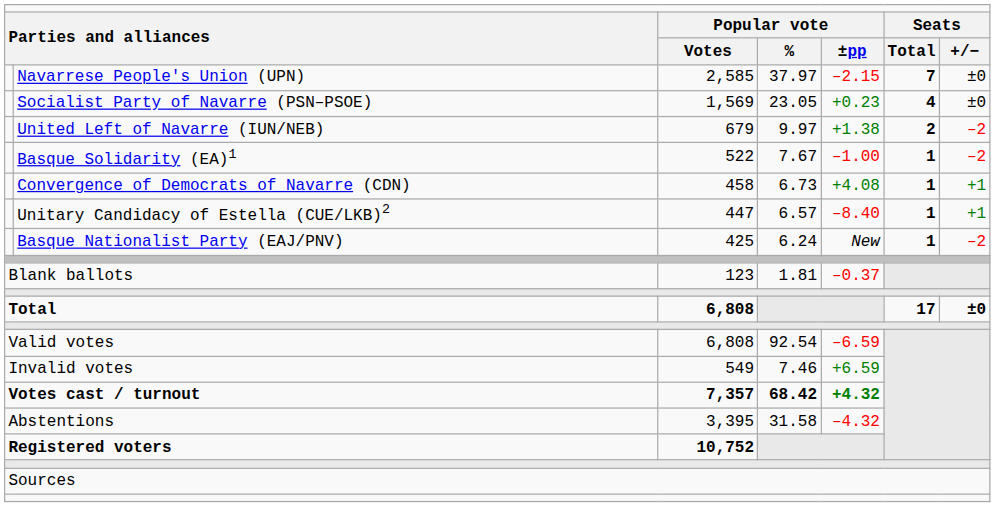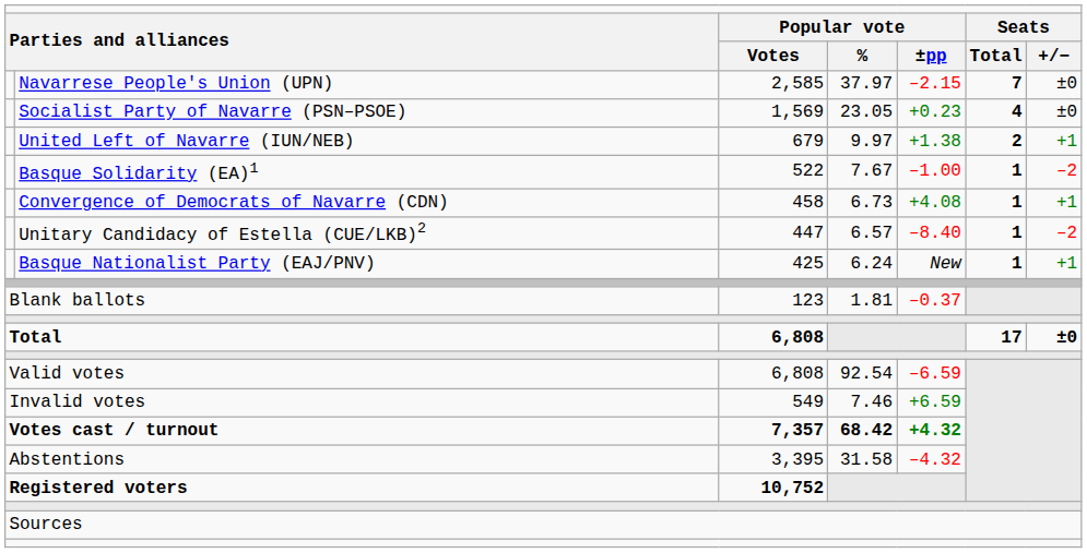 <table class="wikitable" style="text-align:right;">
 <tr>
 <td colspan="7"></td>
 </tr>
 <tr>
 <th style="text-align:left;" rowspan="2" colspan="2" width="525">Parties and alliances</th>
 <th colspan="3">Popular vote</th>
 <th colspan="2">Seats</th>
 </tr>
 <tr>
 <th width="75">Votes</th>
 <th width="45">%</th>
 <th width="45">±<a href='#'>pp</a></th>
 <th width="35">Total</th>
 <th width="35">+/−</th>
 </tr>
 <tr>
 <td width="1" style="color:inherit;background:"></td>
 <td align="left"><a href='#'>Navarrese People's Union</a> (UPN)</td>
 <td>2,585</td>
 <td>37.97</td>
 <td style="color:red;">–2.15</td>
 <td><strong>7</strong></td>
 <td>±0</td>
 </tr>
 <tr>
 <td style="color:inherit;background:"></td>
 <td align="left"><a href='#'>Socialist Party of Navarre</a> (PSN–PSOE)</td>
 <td>1,569</td>
 <td>23.05</td>
 <td style="color:green;">+0.23</td>
 <td><strong>4</strong></td>
 <td>±0</td>
 </tr>
 <tr>
 <td style="color:inherit;background:"></td>
 <td align="left"><a href='#'>United Left of Navarre</a> (IUN/NEB)</td>
 <td>679</td>
 <td>9.97</td>
 <td style="color:green;">+1.38</td>
 <td><strong>2</strong></td>
-<td style="color:red;">–2</td>
+<td style="color:green;">+1</td>
 </tr>
 <tr>
 <td style="color:inherit;background:"></td>
 <td align="left"><a href='#'>Basque Solidarity</a> (EA)<sup>1</sup></td>
 <td>522</td>
 <td>7.67</td>
 <td style="color:red;">–1.00</td>
 <td><strong>1</strong></td>
 <td style="color:red;">–2</td>
 </tr>
 <tr>
 <td style="color:inherit;background:"></td>
 <td align="left"><a href='#'>Convergence of Democrats of Navarre</a> (CDN)</td>
 <td>458</td>
 <td>6.73</td>
 <td style="color:green;">+4.08</td>
 <td><strong>1</strong></td>
 <td style="color:green;">+1</td>
 </tr>
 <tr>
 <td style="color:inherit;background:"></td>
 <td align="left">Unitary Candidacy of Estella (CUE/LKB)<sup>2</sup></td>
 <td>447</td>
 <td>6.57</td>
 <td style="color:red;">–8.40</td>
 <td><strong>1</strong></td>
-<td style="color:green;">+1</td>
+<td style="color:red;">–2</td>
 </tr>
 <tr>
 <td style="color:inherit;background:"></td>
 <td align="left"><a href='#'>Basque Nationalist Party</a> (EAJ/PNV)</td>
 <td>425</td>
 <td>6.24</td>
 <td><em>New</em></td>
 <td><strong>1</strong></td>
-<td style="color:red;">–2</td>
+<td style="color:green;">+1</td>
 </tr>
 <tr>
 <td colspan="7" bgcolor="#C0C0C0"></td>
 </tr>
 <tr>
 <td align="left" colspan="2">Blank ballots</td>
 <td>123</td>
 <td>1.81</td>
 <td style="color:red;">–0.37</td>
 <td bgcolor="#E9E9E9" colspan="2"></td>
 </tr>
 <tr>
 <td colspan="7" bgcolor="#E9E9E9"></td>
 </tr>
 <tr style="font-weight:bold;">
 <td align="left" colspan="2">Total</td>
 <td>6,808</td>
 <td bgcolor="#E9E9E9" colspan="2"></td>
 <td>17</td>
 <td>±0</td>
 </tr>
 <tr>
 <td colspan="7" bgcolor="#E9E9E9"></td>
 </tr>
 <tr>
 <td align="left" colspan="2">Valid votes</td>
 <td>6,808</td>
 <td>92.54</td>
 <td style="color:red;">–6.59</td>
 <td bgcolor="#E9E9E9" colspan="2" rowspan="5"></td>
 </tr>
 <tr>
 <td align="left" colspan="2">Invalid votes</td>
 <td>549</td>
 <td>7.46</td>
 <td style="color:green;">+6.59</td>
 </tr>
 <tr style="font-weight:bold;">
 <td align="left" colspan="2">Votes cast / turnout</td>
 <td>7,357</td>
 <td>68.42</td>
 <td style="color:green;">+4.32</td>
 </tr>
 <tr>
 <td align="left" colspan="2">Abstentions</td>
 <td>3,395</td>
 <td>31.58</td>
 <td style="color:red;">–4.32</td>
 </tr>
 <tr style="font-weight:bold;">
 <td align="left" colspan="2">Registered voters</td>
 <td>10,752</td>
 <td bgcolor="#E9E9E9" colspan="2"></td>
 </tr>
 <tr>
 <td colspan="7" bgcolor="#E9E9E9"></td>
 </tr>
 <tr>
 <td align="left" colspan="7">Sources</td>
 </tr>
 <tr>
 <td colspan="7" style="text-align:left; max-width:790px;"></td>
 </tr>
 </table>
